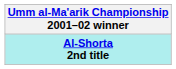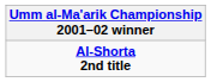 <table class="wikitable" style="text-align: center; margin: 0 auto;">
 <tr>
 <th><a href='#'>Umm al-Ma'arik Championship</a><br>2001–02 winner</th>
 </tr>
 <tr>
-<td style="background: paleturquoise;"><strong><a href='#'>Al-Shorta</a></strong><br><strong>2nd title</strong></td>
+<td><strong><a href='#'>Al-Shorta</a></strong><br><strong>2nd title</strong></td>
 </tr>
 </table>
